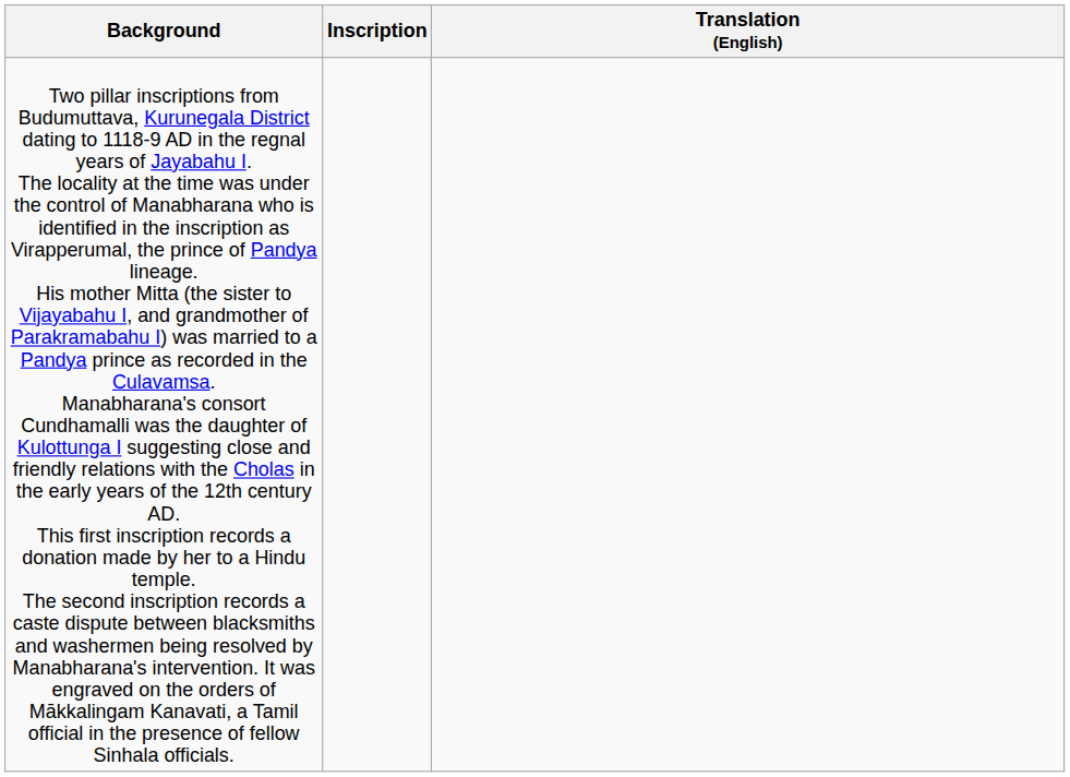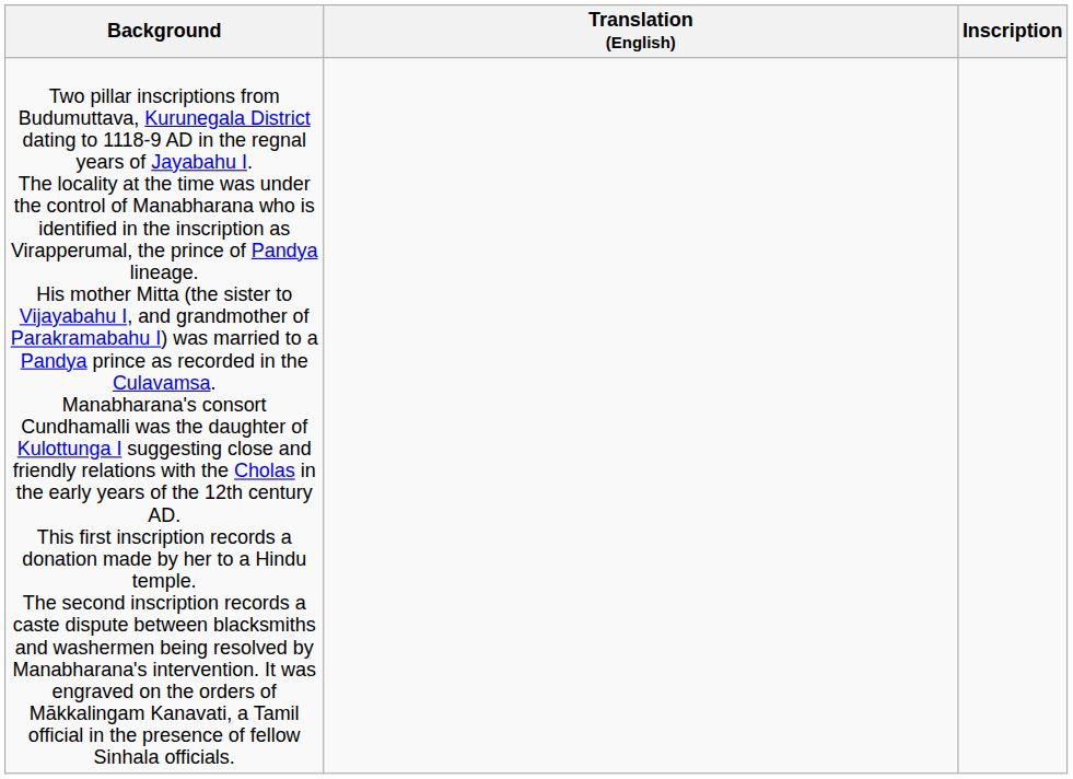 <table class="wikitable centre">
 <tr>
 <th scope="col" align=left>Background<br></th>
+<th>Translation<br><small>(English)</small></th>
 <th>Inscription<br></th>
-<th>Translation<br><small>(English)</small></th>
 </tr>
 <tr>
 <td align=center width="30%"><br>Two pillar inscriptions from Budumuttava, <a href='#'>Kurunegala District</a> dating to 1118-9 AD in the regnal years of <a href='#'>Jayabahu I</a>.<br>The locality at the time was under the control of Manabharana who is identified in the inscription as Virapperumal, the prince of <a href='#'>Pandya</a> lineage.<br>His mother Mitta (the sister to <a href='#'>Vijayabahu I</a>, and grandmother of <a href='#'>Parakramabahu I</a>) was married to a <a href='#'>Pandya</a> prince as recorded in the <a href='#'>Culavamsa</a>.<br>Manabharana's consort Cundhamalli was the daughter of <a href='#'>Kulottunga I</a> suggesting close and friendly relations with the <a href='#'>Cholas</a> in the early years of the 12th century AD.<br>This first inscription records a donation made by her to a Hindu temple.<br>The second inscription records a caste dispute between blacksmiths and washermen being resolved by Manabharana's intervention. It was engraved on the orders of Mākkalingam Kanavati, a Tamil official in the presence of fellow Sinhala officials.</td>
+<td align=left><br></td>
 <td align=center width="10%"><br></td>
-<td align=left><br></td>
 </tr>
 </table>
